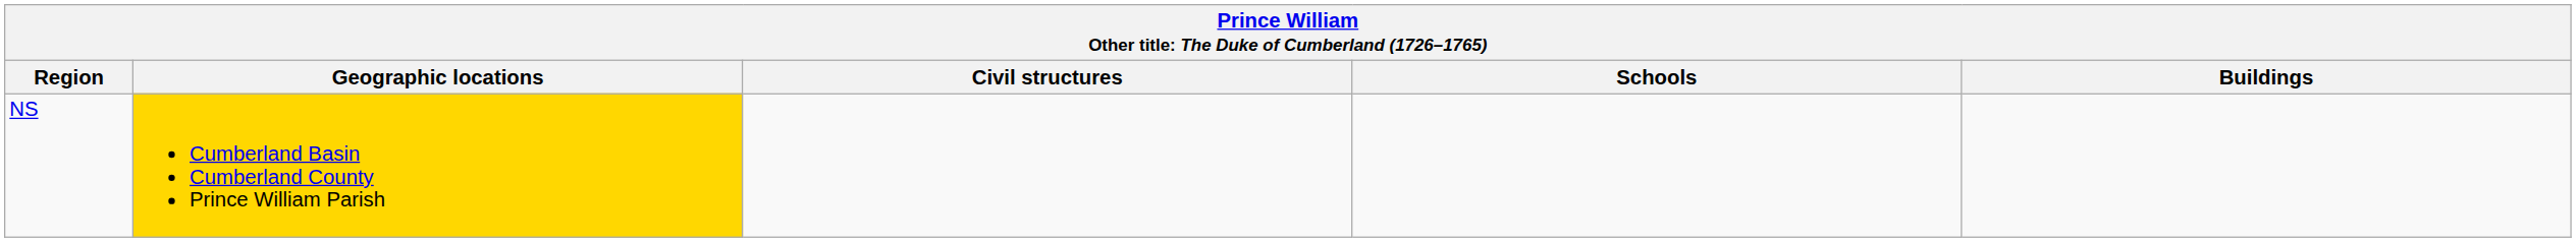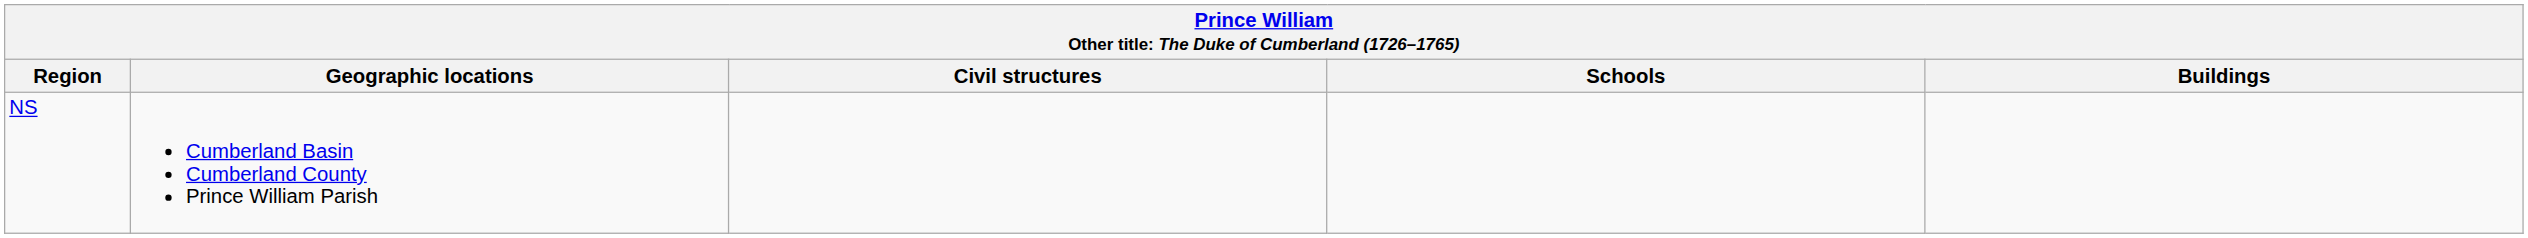 <table class="wikitable" width="100%">
 <tr>
 <th colspan="5"> <a href='#'>Prince William</a><br><small>Other title: <em>The Duke of Cumberland (1726–1765)</em></small></th>
 </tr>
 <tr>
 <th width="5%">Region</th>
 <th width="23.75%">Geographic locations</th>
 <th width="23.75%">Civil structures</th>
 <th width="23.75%">Schools</th>
 <th width="23.75%">Buildings</th>
 </tr>
 <tr>
 <td align=left valign=top> <a href='#'>NS</a></td>
-<td align=left valign=top style="background: gold;"><br><ul><li><a href='#'>Cumberland Basin</a></li><li><a href='#'>Cumberland County</a></li><li>Prince William Parish</li></ul></td>
+<td align=left valign=top><br><ul><li><a href='#'>Cumberland Basin</a></li><li><a href='#'>Cumberland County</a></li><li>Prince William Parish</li></ul></td>
 <td></td>
 <td></td>
 <td></td>
 </tr>
 </table>
